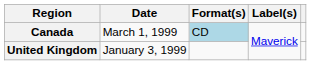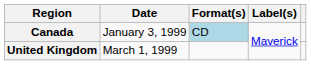 <table class="wikitable plainrowheaders">
 <tr>
 <th scope="col">Region</th>
 <th scope="col">Date</th>
 <th scope="col">Format(s)</th>
 <th scope="col">Label(s)</th>
 <th scope="col"></th>
 </tr>
 <tr>
 <th scope="row">Canada</th>
-<td>March 1, 1999</td>
+<td>January 3, 1999</td>
 <td style="background: lightblue;">CD</td>
 <td rowspan="2"><a href='#'>Maverick</a></td>
 <td></td>
 </tr>
 <tr>
 <th scope="row">United Kingdom</th>
-<td>January 3, 1999</td>
+<td>March 1, 1999</td>
 <td></td>
 <td></td>
 </tr>
 </table>
